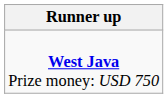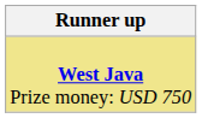 <table class="wikitable" style="text-align: center; margin: 0 auto;">
 <tr>
 <th>Runner up</th>
 </tr>
 <tr>
-<td><br><strong><a href='#'>West Java</a></strong><br>Prize money: <em>USD 750</em></td>
+<td style="background: khaki;"><br><strong><a href='#'>West Java</a></strong><br>Prize money: <em>USD 750</em></td>
 </tr>
 </table>
